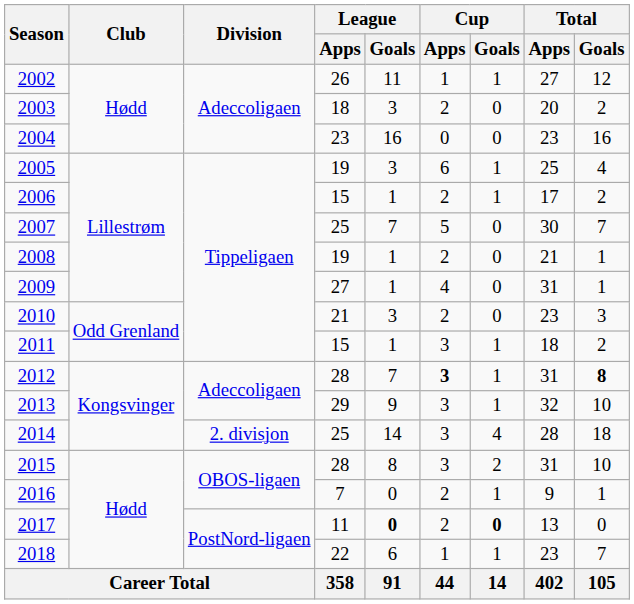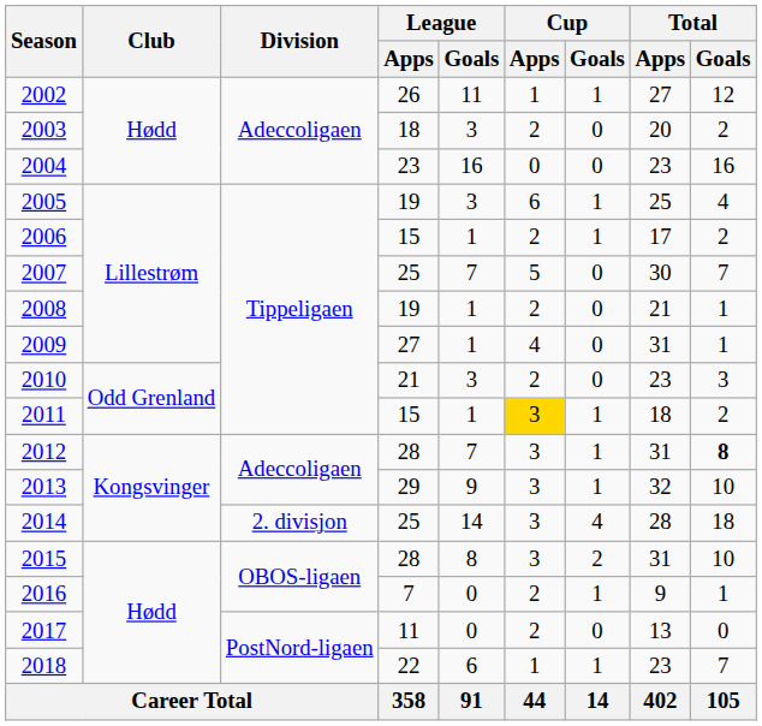 <table class="wikitable" style="text-align: center;">
 <tr>
 <th rowspan="2">Season</th>
 <th rowspan="2">Club</th>
 <th rowspan="2">Division</th>
 <th colspan="2">League</th>
 <th colspan="2">Cup</th>
 <th colspan="2">Total</th>
 </tr>
 <tr>
 <th>Apps</th>
 <th>Goals</th>
 <th>Apps</th>
 <th>Goals</th>
 <th>Apps</th>
 <th>Goals</th>
 </tr>
 <tr>
 <td><a href='#'>2002</a></td>
 <td rowspan="3" valign="center"><a href='#'>Hødd</a></td>
 <td rowspan="3" valign="center"><a href='#'>Adeccoligaen</a></td>
 <td>26</td>
 <td>11</td>
 <td>1</td>
 <td>1</td>
 <td>27</td>
 <td>12</td>
 </tr>
 <tr>
 <td><a href='#'>2003</a></td>
 <td>18</td>
 <td>3</td>
 <td>2</td>
 <td>0</td>
 <td>20</td>
 <td>2</td>
 </tr>
 <tr>
 <td><a href='#'>2004</a></td>
 <td>23</td>
 <td>16</td>
 <td>0</td>
 <td>0</td>
 <td>23</td>
 <td>16</td>
 </tr>
 <tr>
 <td><a href='#'>2005</a></td>
 <td rowspan="5" valign="center"><a href='#'>Lillestrøm</a></td>
 <td rowspan="7" valign="center"><a href='#'>Tippeligaen</a></td>
 <td>19</td>
 <td>3</td>
 <td>6</td>
 <td>1</td>
 <td>25</td>
 <td>4</td>
 </tr>
 <tr>
 <td><a href='#'>2006</a></td>
 <td>15</td>
 <td>1</td>
 <td>2</td>
 <td>1</td>
 <td>17</td>
 <td>2</td>
 </tr>
 <tr>
 <td><a href='#'>2007</a></td>
 <td>25</td>
 <td>7</td>
 <td>5</td>
 <td>0</td>
 <td>30</td>
 <td>7</td>
 </tr>
 <tr>
 <td><a href='#'>2008</a></td>
 <td>19</td>
 <td>1</td>
 <td>2</td>
 <td>0</td>
 <td>21</td>
 <td>1</td>
 </tr>
 <tr>
 <td><a href='#'>2009</a></td>
 <td>27</td>
 <td>1</td>
 <td>4</td>
 <td>0</td>
 <td>31</td>
 <td>1</td>
 </tr>
 <tr>
 <td><a href='#'>2010</a></td>
 <td rowspan="2" valign="center"><a href='#'>Odd Grenland</a></td>
 <td>21</td>
 <td>3</td>
 <td>2</td>
 <td>0</td>
 <td>23</td>
 <td>3</td>
 </tr>
 <tr>
 <td><a href='#'>2011</a></td>
 <td>15</td>
 <td>1</td>
-<td>3</td>
+<td style="background: gold;">3</td>
 <td>1</td>
 <td>18</td>
 <td>2</td>
 </tr>
 <tr>
 <td><a href='#'>2012</a></td>
 <td rowspan="3" valign="center"><a href='#'>Kongsvinger</a></td>
 <td rowspan="2" valign="center"><a href='#'>Adeccoligaen</a></td>
 <td>28</td>
 <td>7</td>
-<td><strong>3</strong></td>
+<td>3</td>
 <td>1</td>
 <td>31</td>
 <td><strong>8</strong></td>
 </tr>
 <tr>
 <td><a href='#'>2013</a></td>
 <td>29</td>
 <td>9</td>
 <td>3</td>
 <td>1</td>
 <td>32</td>
 <td>10</td>
 </tr>
 <tr>
 <td><a href='#'>2014</a></td>
 <td rowspan="1" valign="center"><a href='#'>2. divisjon</a></td>
 <td>25</td>
 <td>14</td>
 <td>3</td>
 <td>4</td>
 <td>28</td>
 <td>18</td>
 </tr>
 <tr>
 <td><a href='#'>2015</a></td>
 <td rowspan="4" valign="center"><a href='#'>Hødd</a></td>
 <td rowspan="2" valign="center"><a href='#'>OBOS-ligaen</a></td>
 <td>28</td>
 <td>8</td>
 <td>3</td>
 <td>2</td>
 <td>31</td>
 <td>10</td>
 </tr>
 <tr>
 <td><a href='#'>2016</a></td>
 <td>7</td>
 <td>0</td>
 <td>2</td>
 <td>1</td>
 <td>9</td>
 <td>1</td>
 </tr>
 <tr>
 <td><a href='#'>2017</a></td>
 <td rowspan="2" valign="center"><a href='#'>PostNord-ligaen</a></td>
 <td>11</td>
-<td><strong>0</strong></td>
+<td>0</td>
 <td>2</td>
-<td><strong>0</strong></td>
+<td>0</td>
 <td>13</td>
 <td>0</td>
 </tr>
 <tr>
 <td><a href='#'>2018</a></td>
 <td>22</td>
 <td>6</td>
 <td>1</td>
 <td>1</td>
 <td>23</td>
 <td>7</td>
 </tr>
 <tr>
 <th colspan="3">Career Total</th>
 <th>358</th>
 <th>91</th>
 <th>44</th>
 <th>14</th>
 <th>402</th>
 <th>105</th>
 </tr>
 </table>
